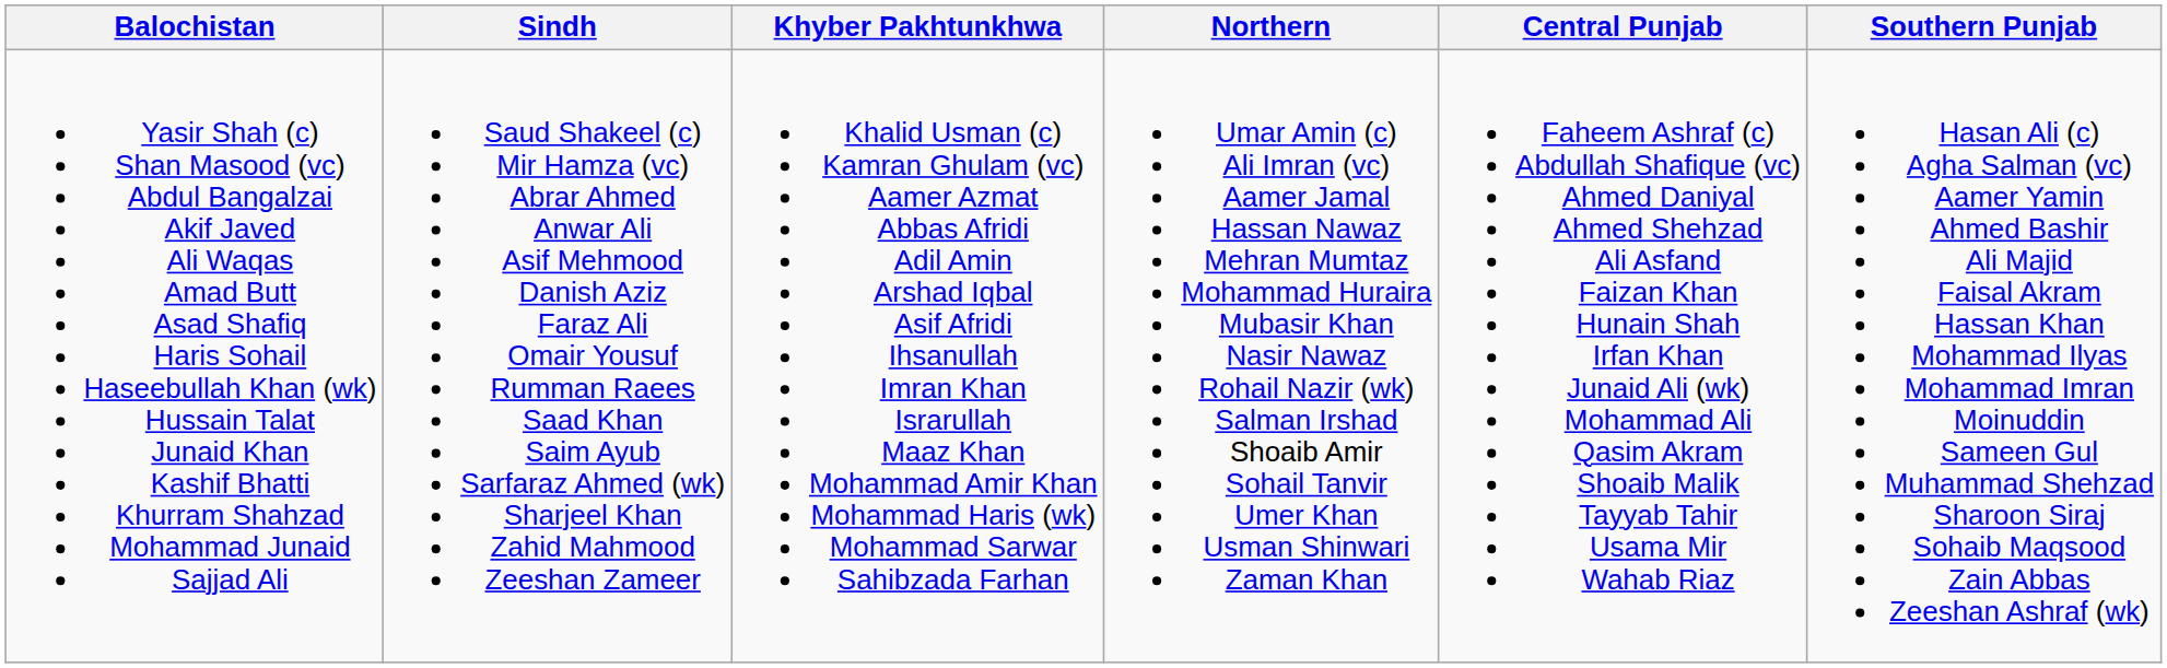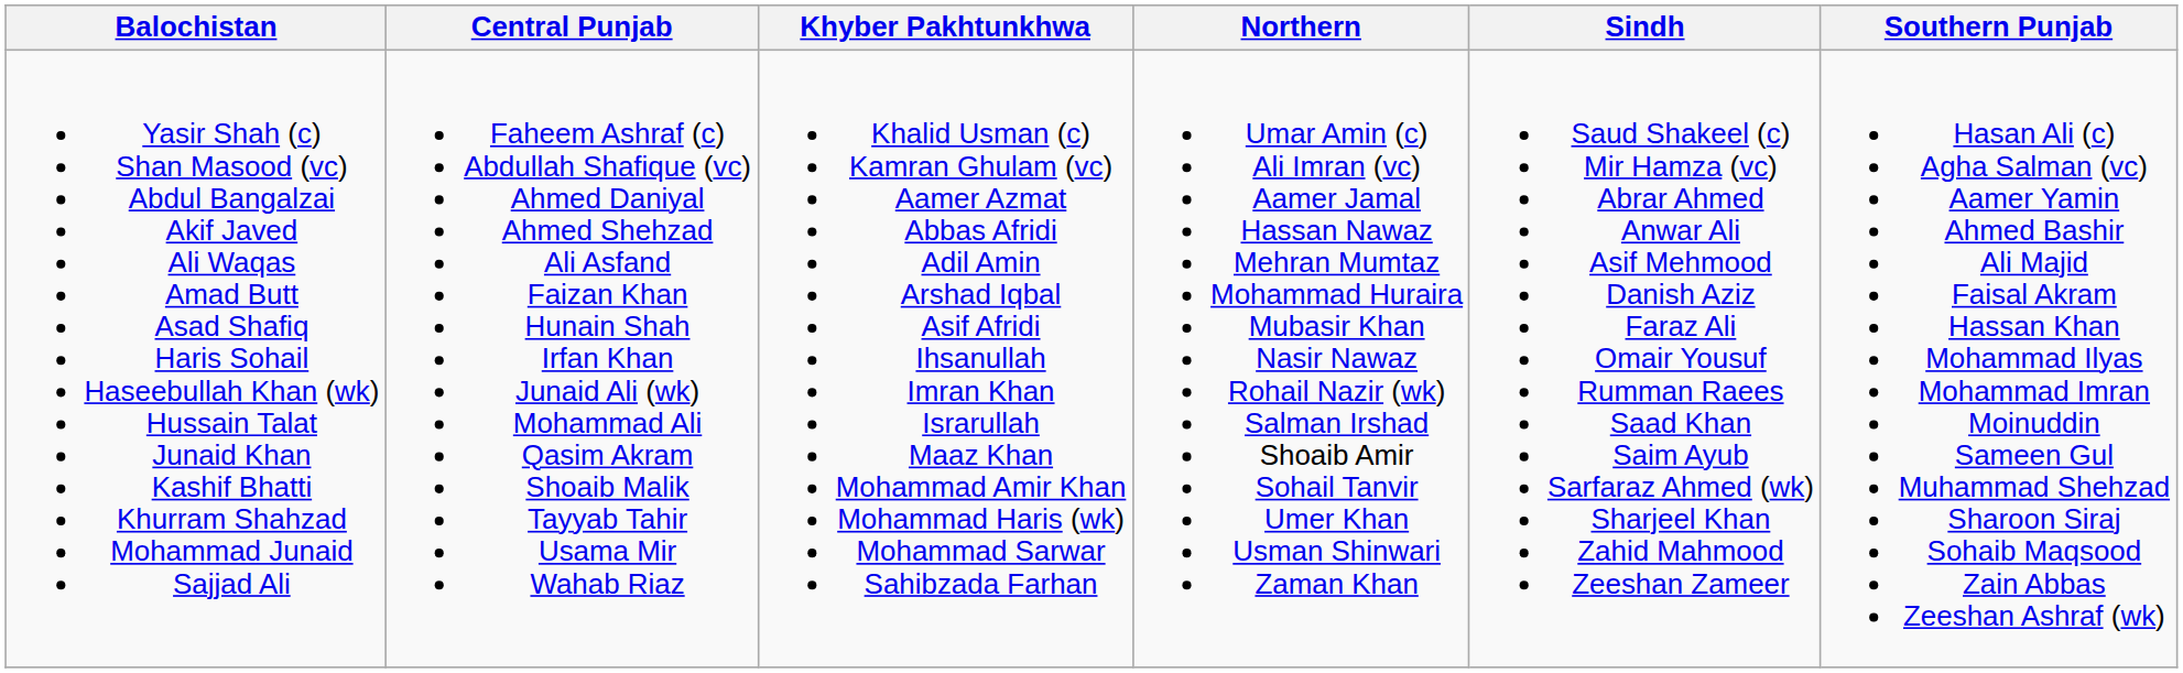 <table class="wikitable" style="text-align:center; margin:auto">
 <tr>
 <th><a href='#'>Balochistan</a></th>
-<th><a href='#'>Sindh</a></th>
+<th><a href='#'>Central Punjab</a></th>
 <th><a href='#'>Khyber Pakhtunkhwa</a></th>
 <th><a href='#'>Northern</a></th>
-<th><a href='#'>Central Punjab</a></th>
+<th><a href='#'>Sindh</a></th>
 <th><a href='#'>Southern Punjab</a></th>
 </tr>
 <tr style="vertical-align:top">
 <td><br><ul><li><a href='#'>Yasir Shah</a> (<a href='#'>c</a>)</li><li><a href='#'>Shan Masood</a> (<a href='#'>vc</a>)</li><li><a href='#'>Abdul Bangalzai</a></li><li><a href='#'>Akif Javed</a></li><li><a href='#'>Ali Waqas</a></li><li><a href='#'>Amad Butt</a></li><li><a href='#'>Asad Shafiq</a></li><li><a href='#'>Haris Sohail</a></li><li><a href='#'>Haseebullah Khan</a> (<a href='#'>wk</a>)</li><li><a href='#'>Hussain Talat</a></li><li><a href='#'>Junaid Khan</a></li><li><a href='#'>Kashif Bhatti</a></li><li><a href='#'>Khurram Shahzad</a></li><li><a href='#'>Mohammad Junaid</a></li><li><a href='#'>Sajjad Ali</a></li></ul></td>
-<td><br><ul><li><a href='#'>Saud Shakeel</a> (<a href='#'>c</a>)</li><li><a href='#'>Mir Hamza</a> (<a href='#'>vc</a>)</li><li><a href='#'>Abrar Ahmed</a></li><li><a href='#'>Anwar Ali</a></li><li><a href='#'>Asif Mehmood</a></li><li><a href='#'>Danish Aziz</a></li><li><a href='#'>Faraz Ali</a></li><li><a href='#'>Omair Yousuf</a></li><li><a href='#'>Rumman Raees</a></li><li><a href='#'>Saad Khan</a></li><li><a href='#'>Saim Ayub</a></li><li><a href='#'>Sarfaraz Ahmed</a> (<a href='#'>wk</a>)</li><li><a href='#'>Sharjeel Khan</a></li><li><a href='#'>Zahid Mahmood</a></li><li><a href='#'>Zeeshan Zameer</a></li></ul></td>
+<td><br><ul><li><a href='#'>Faheem Ashraf</a> (<a href='#'>c</a>)</li><li><a href='#'>Abdullah Shafique</a> (<a href='#'>vc</a>)</li><li><a href='#'>Ahmed Daniyal</a></li><li><a href='#'>Ahmed Shehzad</a></li><li><a href='#'>Ali Asfand</a></li><li><a href='#'>Faizan Khan</a></li><li><a href='#'>Hunain Shah</a></li><li><a href='#'>Irfan Khan</a></li><li><a href='#'>Junaid Ali</a> (<a href='#'>wk</a>)</li><li><a href='#'>Mohammad Ali</a></li><li><a href='#'>Qasim Akram</a></li><li><a href='#'>Shoaib Malik</a></li><li><a href='#'>Tayyab Tahir</a></li><li><a href='#'>Usama Mir</a></li><li><a href='#'>Wahab Riaz</a></li></ul></td>
 <td><br><ul><li><a href='#'>Khalid Usman</a> (<a href='#'>c</a>)</li><li><a href='#'>Kamran Ghulam</a> (<a href='#'>vc</a>)</li><li><a href='#'>Aamer Azmat</a></li><li><a href='#'>Abbas Afridi</a></li><li><a href='#'>Adil Amin</a></li><li><a href='#'>Arshad Iqbal</a></li><li><a href='#'>Asif Afridi</a></li><li><a href='#'>Ihsanullah</a></li><li><a href='#'>Imran Khan</a></li><li><a href='#'>Israrullah</a></li><li><a href='#'>Maaz Khan</a></li><li><a href='#'>Mohammad Amir Khan</a></li><li><a href='#'>Mohammad Haris</a> (<a href='#'>wk</a>)</li><li><a href='#'>Mohammad Sarwar</a></li><li><a href='#'>Sahibzada Farhan</a></li></ul></td>
 <td><br><ul><li><a href='#'>Umar Amin</a> (<a href='#'>c</a>)</li><li><a href='#'>Ali Imran</a> (<a href='#'>vc</a>)</li><li><a href='#'>Aamer Jamal</a></li><li><a href='#'>Hassan Nawaz</a></li><li><a href='#'>Mehran Mumtaz</a></li><li><a href='#'>Mohammad Huraira</a></li><li><a href='#'>Mubasir Khan</a></li><li><a href='#'>Nasir Nawaz</a></li><li><a href='#'>Rohail Nazir</a> (<a href='#'>wk</a>)</li><li><a href='#'>Salman Irshad</a></li><li>Shoaib Amir</li><li><a href='#'>Sohail Tanvir</a></li><li><a href='#'>Umer Khan</a></li><li><a href='#'>Usman Shinwari</a></li><li><a href='#'>Zaman Khan</a></li></ul></td>
-<td><br><ul><li><a href='#'>Faheem Ashraf</a> (<a href='#'>c</a>)</li><li><a href='#'>Abdullah Shafique</a> (<a href='#'>vc</a>)</li><li><a href='#'>Ahmed Daniyal</a></li><li><a href='#'>Ahmed Shehzad</a></li><li><a href='#'>Ali Asfand</a></li><li><a href='#'>Faizan Khan</a></li><li><a href='#'>Hunain Shah</a></li><li><a href='#'>Irfan Khan</a></li><li><a href='#'>Junaid Ali</a> (<a href='#'>wk</a>)</li><li><a href='#'>Mohammad Ali</a></li><li><a href='#'>Qasim Akram</a></li><li><a href='#'>Shoaib Malik</a></li><li><a href='#'>Tayyab Tahir</a></li><li><a href='#'>Usama Mir</a></li><li><a href='#'>Wahab Riaz</a></li></ul></td>
+<td><br><ul><li><a href='#'>Saud Shakeel</a> (<a href='#'>c</a>)</li><li><a href='#'>Mir Hamza</a> (<a href='#'>vc</a>)</li><li><a href='#'>Abrar Ahmed</a></li><li><a href='#'>Anwar Ali</a></li><li><a href='#'>Asif Mehmood</a></li><li><a href='#'>Danish Aziz</a></li><li><a href='#'>Faraz Ali</a></li><li><a href='#'>Omair Yousuf</a></li><li><a href='#'>Rumman Raees</a></li><li><a href='#'>Saad Khan</a></li><li><a href='#'>Saim Ayub</a></li><li><a href='#'>Sarfaraz Ahmed</a> (<a href='#'>wk</a>)</li><li><a href='#'>Sharjeel Khan</a></li><li><a href='#'>Zahid Mahmood</a></li><li><a href='#'>Zeeshan Zameer</a></li></ul></td>
 <td><br><ul><li><a href='#'>Hasan Ali</a> (<a href='#'>c</a>)</li><li><a href='#'>Agha Salman</a> (<a href='#'>vc</a>)</li><li><a href='#'>Aamer Yamin</a></li><li><a href='#'>Ahmed Bashir</a></li><li><a href='#'>Ali Majid</a></li><li><a href='#'>Faisal Akram</a></li><li><a href='#'>Hassan Khan</a></li><li><a href='#'>Mohammad Ilyas</a></li><li><a href='#'>Mohammad Imran</a></li><li><a href='#'>Moinuddin</a></li><li><a href='#'>Sameen Gul</a></li><li><a href='#'>Muhammad Shehzad</a></li><li><a href='#'>Sharoon Siraj</a></li><li><a href='#'>Sohaib Maqsood</a></li><li><a href='#'>Zain Abbas</a></li><li><a href='#'>Zeeshan Ashraf</a> (<a href='#'>wk</a>)</li></ul></td>
 </tr>
 </table>
